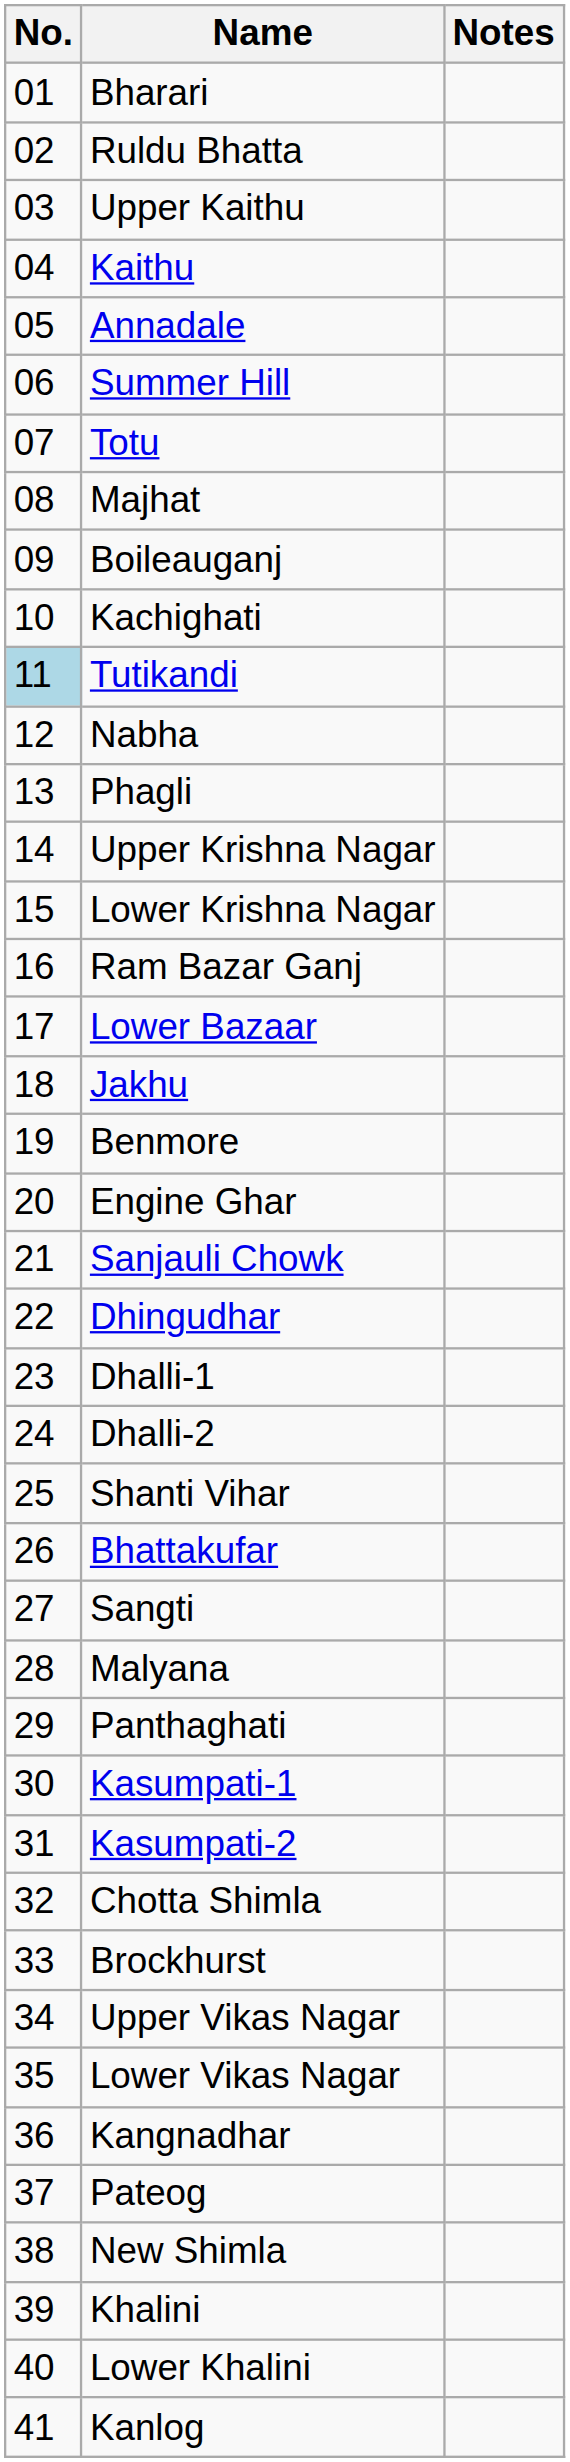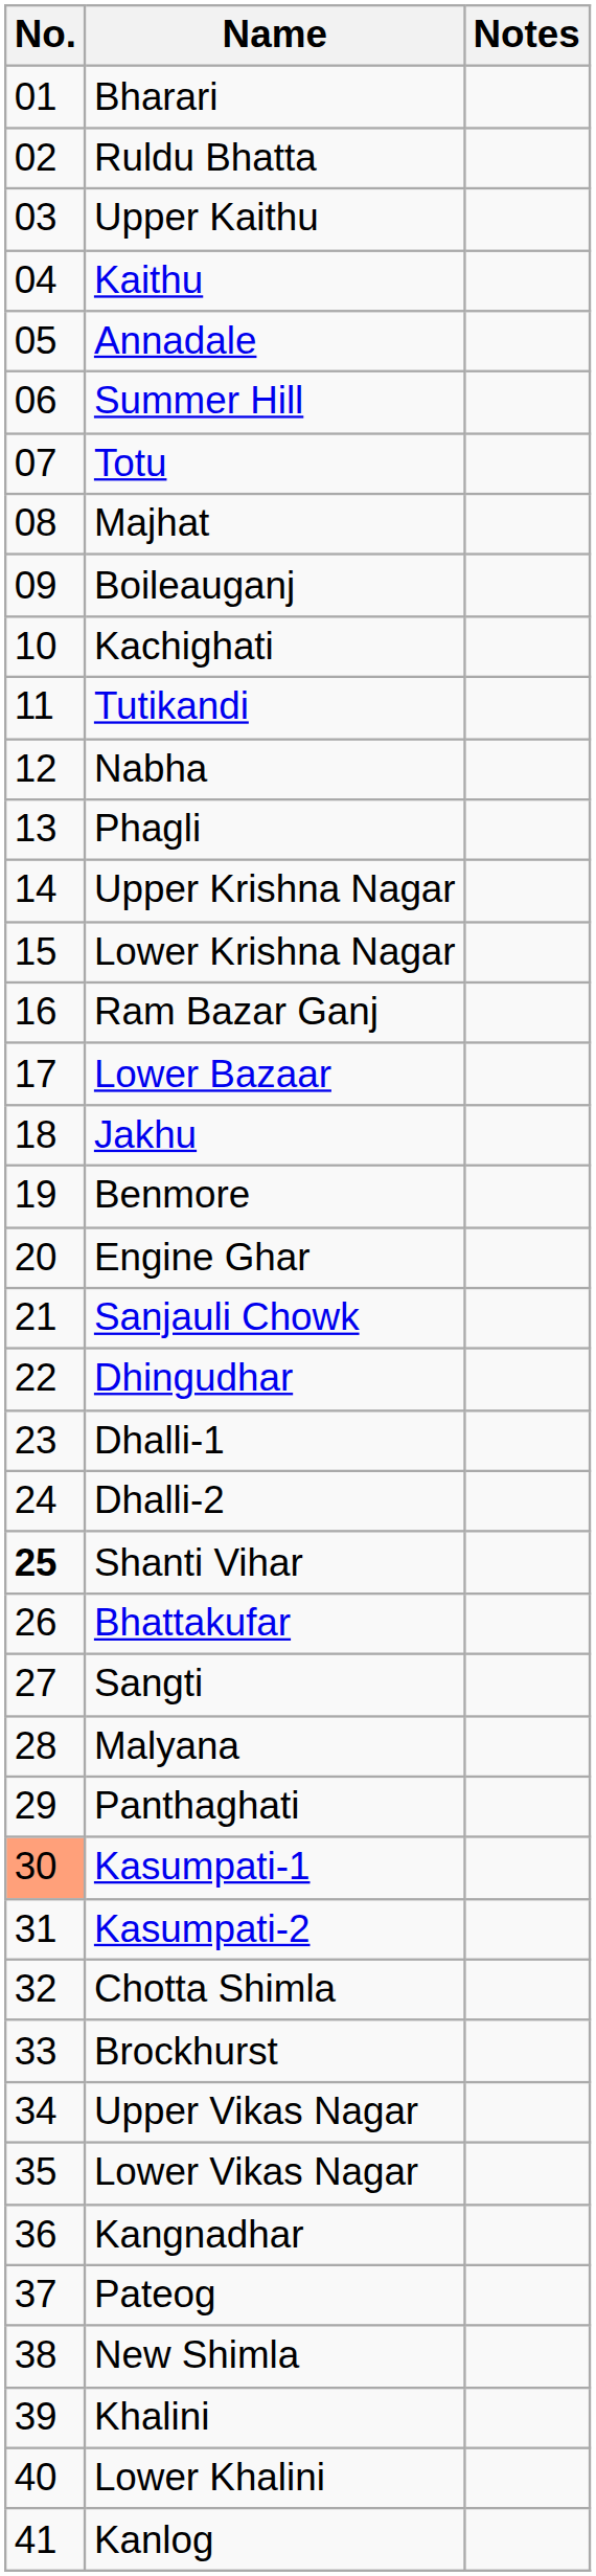 <table class="wikitable">
 <tr>
 <th>No.</th>
 <th>Name</th>
 <th>Notes</th>
 </tr>
 <tr>
 <td>01</td>
 <td>Bharari</td>
 <td></td>
 </tr>
 <tr>
 <td>02</td>
 <td>Ruldu Bhatta</td>
 <td></td>
 </tr>
 <tr>
 <td>03</td>
 <td>Upper Kaithu</td>
 <td></td>
 </tr>
 <tr>
 <td>04</td>
 <td><a href='#'>Kaithu</a></td>
 <td></td>
 </tr>
 <tr>
 <td>05</td>
 <td><a href='#'>Annadale</a></td>
 <td></td>
 </tr>
 <tr>
 <td>06</td>
 <td><a href='#'>Summer Hill</a></td>
 <td></td>
 </tr>
 <tr>
 <td>07</td>
 <td><a href='#'>Totu</a></td>
 <td></td>
 </tr>
 <tr>
 <td>08</td>
 <td>Majhat</td>
 <td></td>
 </tr>
 <tr>
 <td>09</td>
 <td>Boileauganj</td>
 <td></td>
 </tr>
 <tr>
 <td>10</td>
 <td>Kachighati</td>
 <td></td>
 </tr>
 <tr>
-<td style="background: lightblue;">11</td>
+<td>11</td>
 <td><a href='#'>Tutikandi</a></td>
 <td></td>
 </tr>
 <tr>
 <td>12</td>
 <td>Nabha</td>
 <td></td>
 </tr>
 <tr>
 <td>13</td>
 <td>Phagli</td>
 <td></td>
 </tr>
 <tr>
 <td>14</td>
 <td>Upper Krishna Nagar</td>
 <td></td>
 </tr>
 <tr>
 <td>15</td>
 <td>Lower Krishna Nagar</td>
 <td></td>
 </tr>
 <tr>
 <td>16</td>
 <td>Ram Bazar Ganj</td>
 <td></td>
 </tr>
 <tr>
 <td>17</td>
 <td><a href='#'>Lower Bazaar</a></td>
 <td></td>
 </tr>
 <tr>
 <td>18</td>
 <td><a href='#'>Jakhu</a></td>
 <td></td>
 </tr>
 <tr>
 <td>19</td>
 <td>Benmore</td>
 <td></td>
 </tr>
 <tr>
 <td>20</td>
 <td>Engine Ghar</td>
 <td></td>
 </tr>
 <tr>
 <td>21</td>
 <td><a href='#'>Sanjauli Chowk</a></td>
 <td></td>
 </tr>
 <tr>
 <td>22</td>
 <td><a href='#'>Dhingudhar</a></td>
 <td></td>
 </tr>
 <tr>
 <td>23</td>
 <td>Dhalli-1</td>
 <td></td>
 </tr>
 <tr>
 <td>24</td>
 <td>Dhalli-2</td>
 <td></td>
 </tr>
 <tr>
-<td>25</td>
+<td><strong>25</strong></td>
 <td>Shanti Vihar</td>
 <td></td>
 </tr>
 <tr>
 <td>26</td>
 <td><a href='#'>Bhattakufar</a></td>
 <td></td>
 </tr>
 <tr>
 <td>27</td>
 <td>Sangti</td>
 <td></td>
 </tr>
 <tr>
 <td>28</td>
 <td>Malyana</td>
 <td></td>
 </tr>
 <tr>
 <td>29</td>
 <td>Panthaghati</td>
 <td></td>
 </tr>
 <tr>
-<td>30</td>
+<td style="background: lightsalmon;">30</td>
 <td><a href='#'>Kasumpati-1</a></td>
 <td></td>
 </tr>
 <tr>
 <td>31</td>
 <td><a href='#'>Kasumpati-2</a></td>
 <td></td>
 </tr>
 <tr>
 <td>32</td>
 <td>Chotta Shimla</td>
 <td></td>
 </tr>
 <tr>
 <td>33</td>
 <td>Brockhurst</td>
 <td></td>
 </tr>
 <tr>
 <td>34</td>
 <td>Upper Vikas Nagar</td>
 <td></td>
 </tr>
 <tr>
 <td>35</td>
 <td>Lower Vikas Nagar</td>
 <td></td>
 </tr>
 <tr>
 <td>36</td>
 <td>Kangnadhar</td>
 <td></td>
 </tr>
 <tr>
 <td>37</td>
 <td>Pateog</td>
 <td></td>
 </tr>
 <tr>
 <td>38</td>
 <td>New Shimla</td>
 <td></td>
 </tr>
 <tr>
 <td>39</td>
 <td>Khalini</td>
 <td></td>
 </tr>
 <tr>
 <td>40</td>
 <td>Lower Khalini</td>
 <td></td>
 </tr>
 <tr>
 <td>41</td>
 <td>Kanlog</td>
 <td></td>
 </tr>
 <tr>
 </tr>
 </table>
